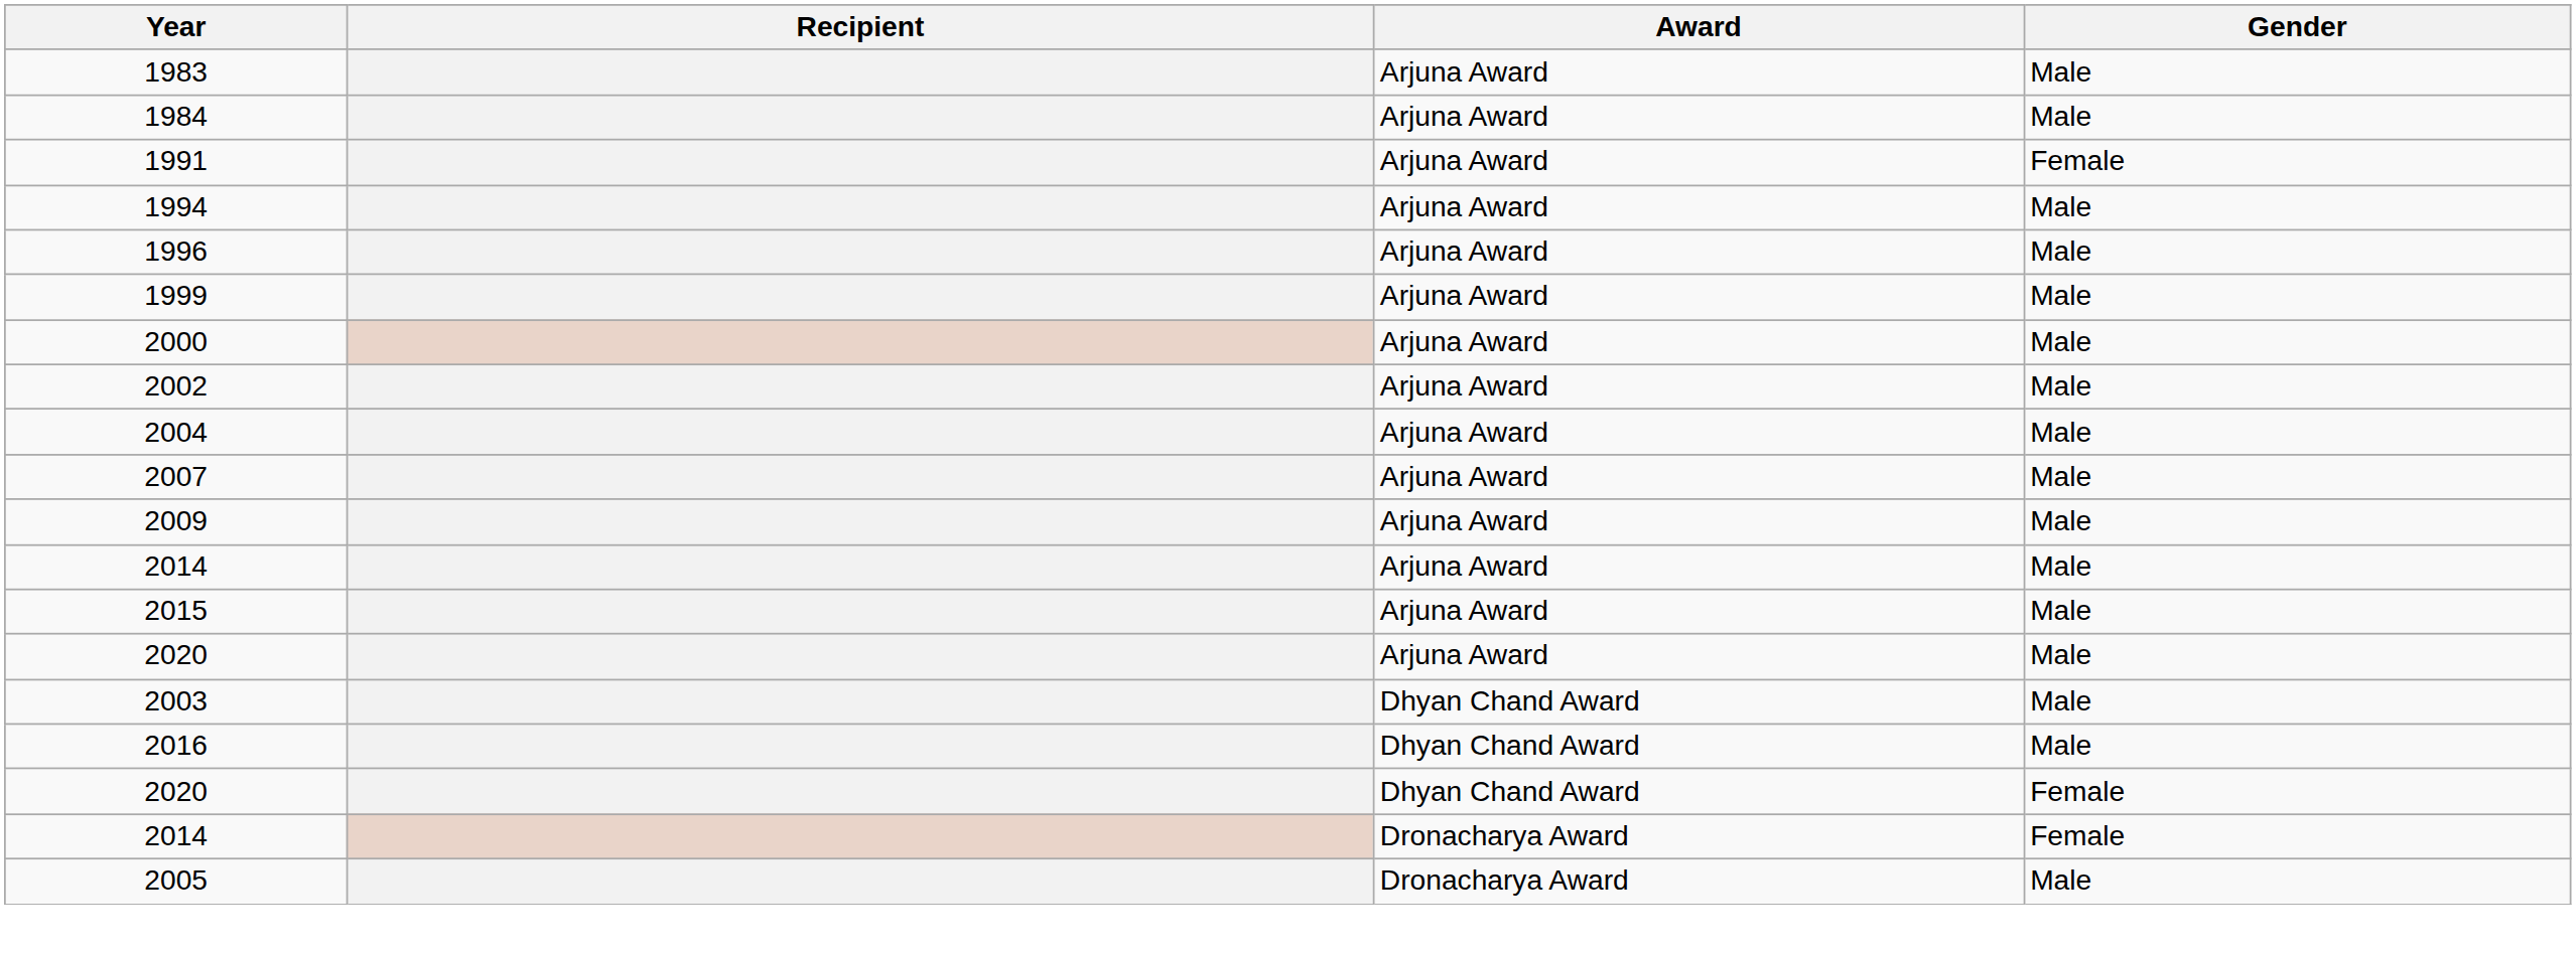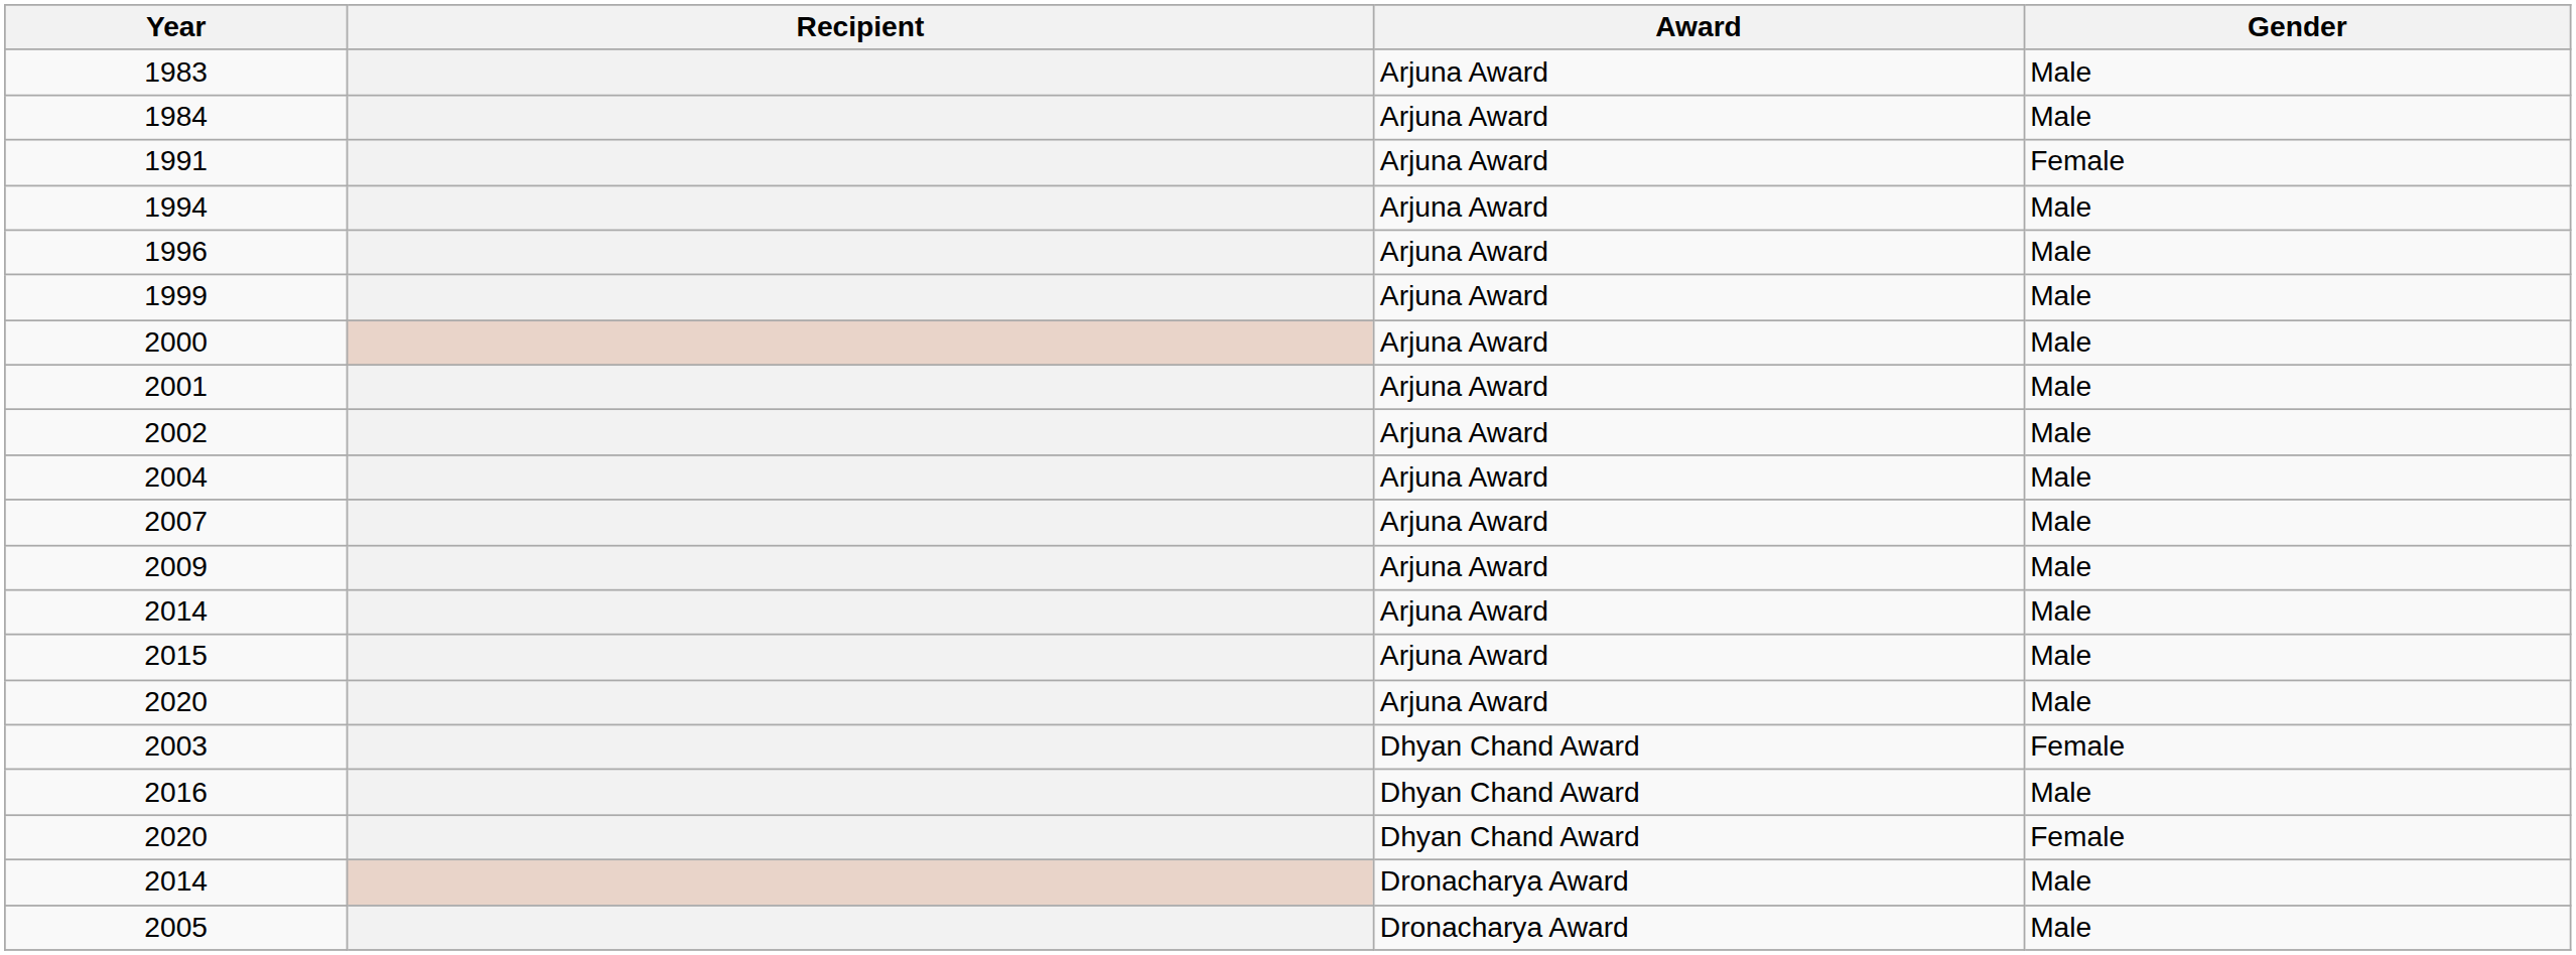 <table class="wikitable plainrowheaders sortable" style="width:73%">
 <tr>
 <th scope="col" style="width:10%">Year</th>
 <th scope="col" style="width:30%">Recipient</th>
 <th scope="col" style="width:19%">Award</th>
 <th scope="col" style="width:16%">Gender</th>
 </tr>
 <tr>
 <td style="text-align:center;">1983</td>
 <th scope="row"></th>
 <td>Arjuna Award</td>
 <td>Male</td>
 </tr>
 <tr>
 <td style="text-align:center;">1984</td>
 <th scope="row"></th>
 <td>Arjuna Award</td>
 <td>Male</td>
 </tr>
 <tr>
 <td style="text-align:center;">1991</td>
 <th scope="row"></th>
 <td>Arjuna Award</td>
 <td>Female</td>
 </tr>
 <tr>
 <td style="text-align:center;">1994</td>
 <th scope="row"></th>
 <td>Arjuna Award</td>
 <td>Male</td>
 </tr>
 <tr>
 <td style="text-align:center;">1996</td>
 <th scope="row"></th>
 <td>Arjuna Award</td>
 <td>Male</td>
 </tr>
 <tr>
 <td style="text-align:center;">1999</td>
 <th scope="row"></th>
 <td>Arjuna Award</td>
 <td>Male</td>
 </tr>
 <tr>
 <td style="text-align:center;">2000</td>
 <th scope="row" style="background-color:#E9D4C9"> </th>
 <td>Arjuna Award</td>
 <td>Male</td>
 </tr>
 <tr>
+<td style="text-align:center;">2001</td>
+<th scope="row"></th>
+<td>Arjuna Award</td>
+<td>Male</td>
+</tr>
+<tr>
 <td style="text-align:center;">2002</td>
 <th scope="row"></th>
 <td>Arjuna Award</td>
 <td>Male</td>
 </tr>
 <tr>
 <td style="text-align:center;">2004</td>
 <th scope="row"></th>
 <td>Arjuna Award</td>
 <td>Male</td>
 </tr>
 <tr>
 <td style="text-align:center;">2007</td>
 <th scope="row"></th>
 <td>Arjuna Award</td>
 <td>Male</td>
 </tr>
 <tr>
 <td style="text-align:center;">2009</td>
 <th scope="row"></th>
 <td>Arjuna Award</td>
 <td>Male</td>
 </tr>
 <tr>
 <td style="text-align:center;">2014</td>
 <th scope="row"></th>
 <td>Arjuna Award</td>
 <td>Male</td>
 </tr>
 <tr>
 <td style="text-align:center;">2015</td>
 <th scope="row"></th>
 <td>Arjuna Award</td>
 <td>Male</td>
 </tr>
 <tr>
 <td style="text-align:center;">2020</td>
 <th scope="row"></th>
 <td>Arjuna Award</td>
 <td>Male</td>
 </tr>
 <tr>
 <td style="text-align:center;">2003</td>
 <th scope="row"></th>
 <td>Dhyan Chand Award</td>
-<td>Male</td>
+<td>Female</td>
 </tr>
 <tr>
 <td style="text-align:center;">2016</td>
 <th scope="row"></th>
 <td>Dhyan Chand Award</td>
 <td>Male</td>
 </tr>
 <tr>
 <td style="text-align:center;">2020</td>
 <th scope="row"></th>
 <td>Dhyan Chand Award</td>
 <td>Female</td>
 </tr>
 <tr>
 <td style="text-align:center;">2014</td>
 <th scope="row" style="background-color:#E9D4C9"> </th>
 <td>Dronacharya Award</td>
-<td>Female</td>
+<td>Male</td>
 </tr>
 <tr>
 <td style="text-align:center;">2005</td>
 <th scope="row"></th>
 <td>Dronacharya Award</td>
 <td>Male</td>
 </tr>
 </table>
